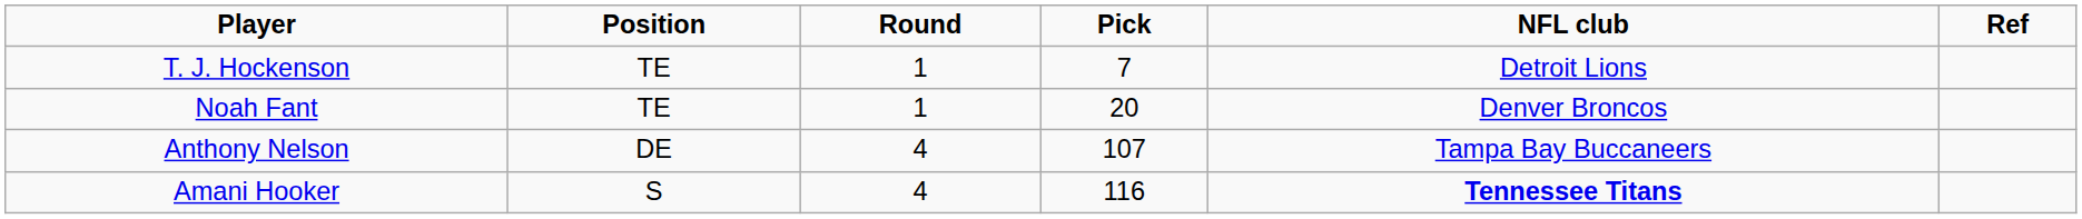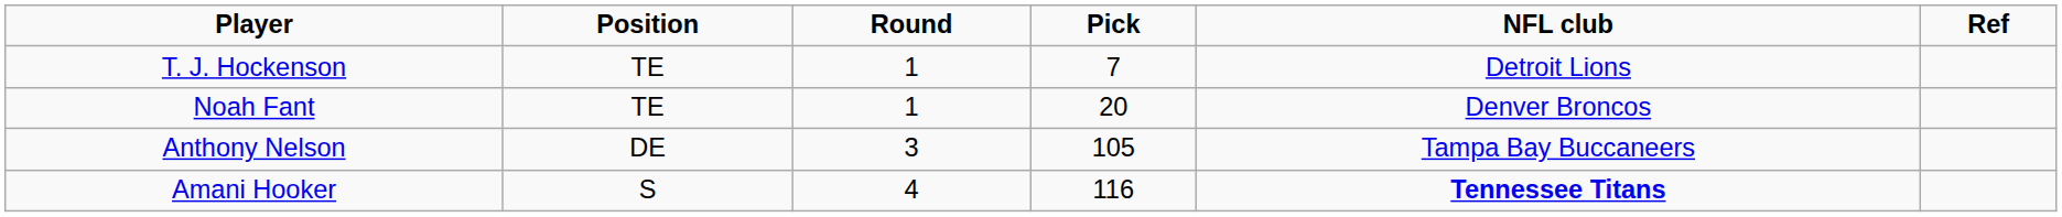 <table class="wikitable" width="80%">
 <tr align="center">
 <td><strong>Player</strong></td>
 <td><strong>Position</strong></td>
 <td><strong>Round</strong></td>
 <td><strong>Pick</strong></td>
 <td><strong>NFL club</strong></td>
 <td><strong>Ref</strong></td>
 </tr>
 <tr align="center" bgcolor="">
 <td><a href='#'>T. J. Hockenson</a></td>
 <td>TE</td>
 <td>1</td>
 <td>7</td>
 <td><a href='#'>Detroit Lions</a></td>
 <td></td>
 </tr>
 <tr align="center" bgcolor="">
 <td><a href='#'>Noah Fant</a></td>
 <td>TE</td>
 <td>1</td>
 <td>20</td>
 <td><a href='#'>Denver Broncos</a></td>
 <td></td>
 </tr>
 <tr align="center" bgcolor="">
 <td><a href='#'>Anthony Nelson</a></td>
 <td>DE</td>
-<td>4</td>
-<td>107</td>
+<td>3</td>
+<td>105</td>
 <td><a href='#'>Tampa Bay Buccaneers</a></td>
 <td></td>
 </tr>
 <tr align="center" bgcolor="">
 <td><a href='#'>Amani Hooker</a></td>
 <td>S</td>
 <td>4</td>
 <td>116</td>
 <td><strong><a href='#'>Tennessee Titans</a></strong></td>
 <td></td>
 </tr>
 </table>
